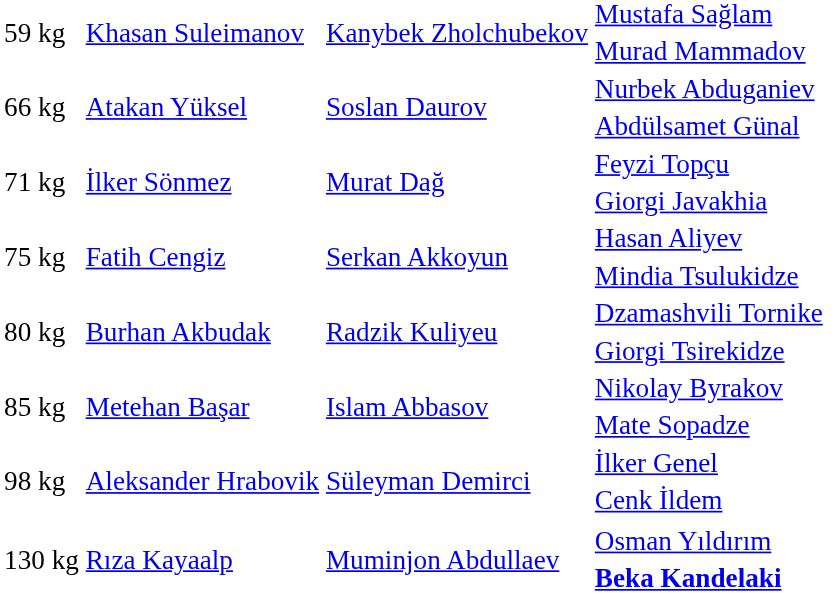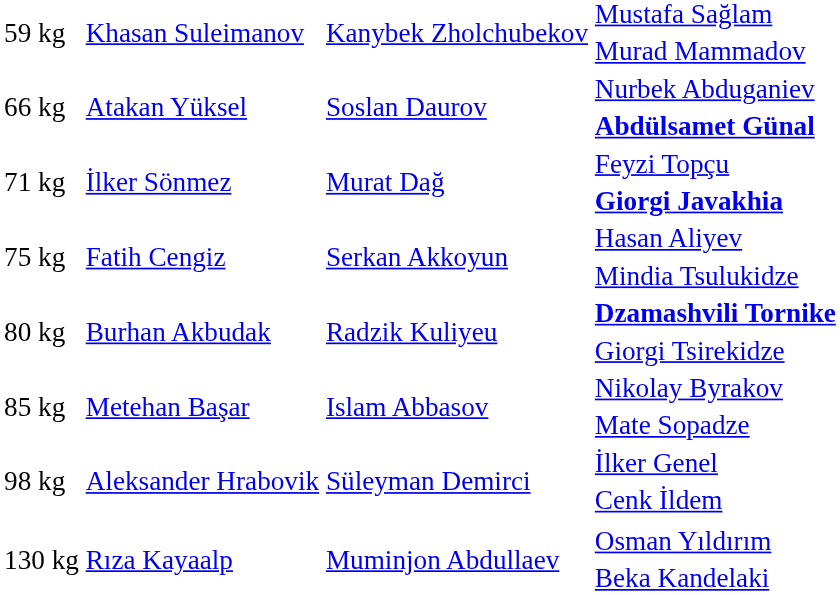 <table>
 <tr>
 <td rowspan=2>59 kg</td>
 <td rowspan=2> <a href='#'>Khasan Suleimanov</a></td>
 <td rowspan=2> <a href='#'>Kanybek Zholchubekov</a></td>
 <td> <a href='#'>Mustafa Sağlam</a></td>
 </tr>
 <tr>
 <td> <a href='#'>Murad Mammadov</a></td>
 </tr>
 <tr>
 <td rowspan=2>66 kg</td>
 <td rowspan=2> <a href='#'>Atakan Yüksel</a></td>
 <td rowspan=2> <a href='#'>Soslan Daurov</a></td>
 <td> <a href='#'>Nurbek Abduganiev</a></td>
 </tr>
 <tr>
-<td> <a href='#'>Abdülsamet Günal</a></td>
+<td><strong> <a href='#'>Abdülsamet Günal</a></strong></td>
 </tr>
 <tr>
 <td rowspan=2>71 kg</td>
 <td rowspan=2> <a href='#'>İlker Sönmez</a></td>
 <td rowspan=2> <a href='#'>Murat Dağ</a></td>
 <td> <a href='#'>Feyzi Topçu</a></td>
 </tr>
 <tr>
-<td> <a href='#'>Giorgi Javakhia</a></td>
+<td><strong> <a href='#'>Giorgi Javakhia</a></strong></td>
 </tr>
 <tr>
 <td rowspan=2>75 kg</td>
 <td rowspan=2> <a href='#'>Fatih Cengiz</a></td>
 <td rowspan=2> <a href='#'>Serkan Akkoyun</a></td>
 <td> <a href='#'>Hasan Aliyev</a></td>
 </tr>
 <tr>
 <td> <a href='#'>Mindia Tsulukidze</a></td>
 </tr>
 <tr>
 <td rowspan=2>80 kg</td>
 <td rowspan=2> <a href='#'>Burhan Akbudak</a></td>
 <td rowspan=2> <a href='#'>Radzik Kuliyeu</a></td>
-<td> <a href='#'>Dzamashvili Tornike</a></td>
+<td><strong> <a href='#'>Dzamashvili Tornike</a></strong></td>
 </tr>
 <tr>
 <td> <a href='#'>Giorgi Tsirekidze</a></td>
 </tr>
 <tr>
 <td rowspan=2>85 kg</td>
 <td rowspan=2> <a href='#'>Metehan Başar</a></td>
 <td rowspan=2> <a href='#'>Islam Abbasov</a></td>
 <td> <a href='#'>Nikolay Byrakov</a></td>
 </tr>
 <tr>
 <td> <a href='#'>Mate Sopadze</a></td>
 </tr>
 <tr>
 <td rowspan=2>98 kg</td>
 <td rowspan=2> <a href='#'>Aleksander Hrabovik</a></td>
 <td rowspan=2> <a href='#'>Süleyman Demirci</a></td>
 <td> <a href='#'>İlker Genel</a></td>
 </tr>
 <tr>
 <td> <a href='#'>Cenk İldem</a></td>
 </tr>
 <tr>
 </tr>
 <tr>
 <td rowspan=2>130 kg</td>
 <td rowspan=2> <a href='#'>Rıza Kayaalp</a></td>
 <td rowspan=2> <a href='#'>Muminjon Abdullaev</a></td>
 <td> <a href='#'>Osman Yıldırım</a></td>
 </tr>
 <tr>
-<td><strong> <a href='#'>Beka Kandelaki</a></strong></td>
+<td> <a href='#'>Beka Kandelaki</a></td>
 </tr>
 <tr>
 </tr>
 </table>
